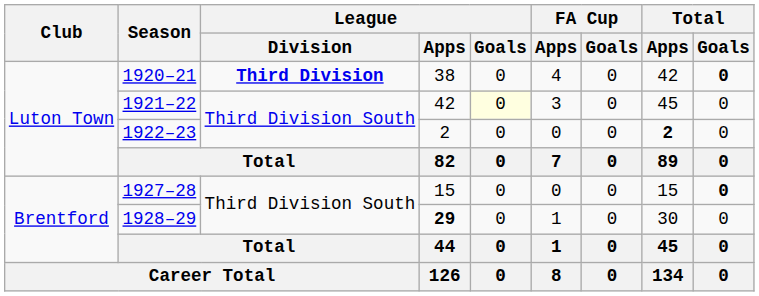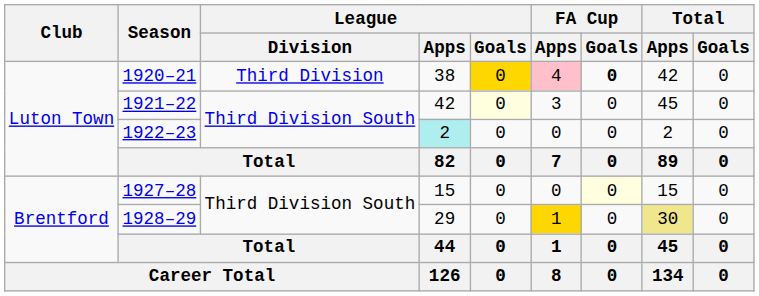 <table class="wikitable" style="text-align: center;">
 <tr>
 <th rowspan="2">Club</th>
 <th rowspan="2">Season</th>
 <th colspan="3">League</th>
 <th colspan="2">FA Cup</th>
 <th colspan="2">Total</th>
 </tr>
 <tr>
 <th>Division</th>
 <th>Apps</th>
 <th>Goals</th>
 <th>Apps</th>
 <th>Goals</th>
 <th>Apps</th>
 <th>Goals</th>
 </tr>
 <tr>
 <td rowspan="4"><a href='#'>Luton Town</a></td>
 <td><a href='#'>1920–21</a></td>
-<td><strong><a href='#'>Third Division</a></strong></td>
+<td><a href='#'>Third Division</a></td>
 <td>38</td>
+<td style="background: gold;">0</td>
+<td style="background: pink;">4</td>
+<td><strong>0</strong></td>
+<td>42</td>
 <td>0</td>
-<td>4</td>
-<td>0</td>
-<td>42</td>
-<td><strong>0</strong></td>
 </tr>
 <tr>
 <td><a href='#'>1921–22</a></td>
 <td rowspan="2"><a href='#'>Third Division South</a></td>
 <td>42</td>
 <td style="background: lightyellow;">0</td>
 <td>3</td>
 <td>0</td>
 <td>45</td>
 <td>0</td>
 </tr>
 <tr>
 <td><a href='#'>1922–23</a></td>
-<td>2</td>
+<td style="background: paleturquoise;">2</td>
 <td>0</td>
 <td>0</td>
 <td>0</td>
-<td><strong>2</strong></td>
+<td>2</td>
 <td>0</td>
 </tr>
 <tr>
 <th colspan="2">Total</th>
 <th>82</th>
 <th>0</th>
 <th>7</th>
 <th>0</th>
 <th>89</th>
 <th>0</th>
 </tr>
 <tr>
 <td rowspan="3"><a href='#'>Brentford</a></td>
 <td><a href='#'>1927–28</a></td>
 <td rowspan="2">Third Division South</td>
 <td>15</td>
 <td>0</td>
 <td>0</td>
+<td style="background: lightyellow;">0</td>
+<td>15</td>
 <td>0</td>
-<td>15</td>
-<td><strong>0</strong></td>
 </tr>
 <tr>
 <td><a href='#'>1928–29</a></td>
-<td><strong>29</strong></td>
+<td>29</td>
 <td>0</td>
-<td>1</td>
+<td style="background: gold;">1</td>
 <td>0</td>
-<td>30</td>
+<td style="background: khaki;">30</td>
 <td>0</td>
 </tr>
 <tr>
 <th colspan="2">Total</th>
 <th>44</th>
 <th>0</th>
 <th>1</th>
 <th>0</th>
 <th>45</th>
 <th>0</th>
 </tr>
 <tr>
 <th colspan="3">Career Total</th>
 <th>126</th>
 <th>0</th>
 <th>8</th>
 <th>0</th>
 <th>134</th>
 <th>0</th>
 </tr>
 </table>
